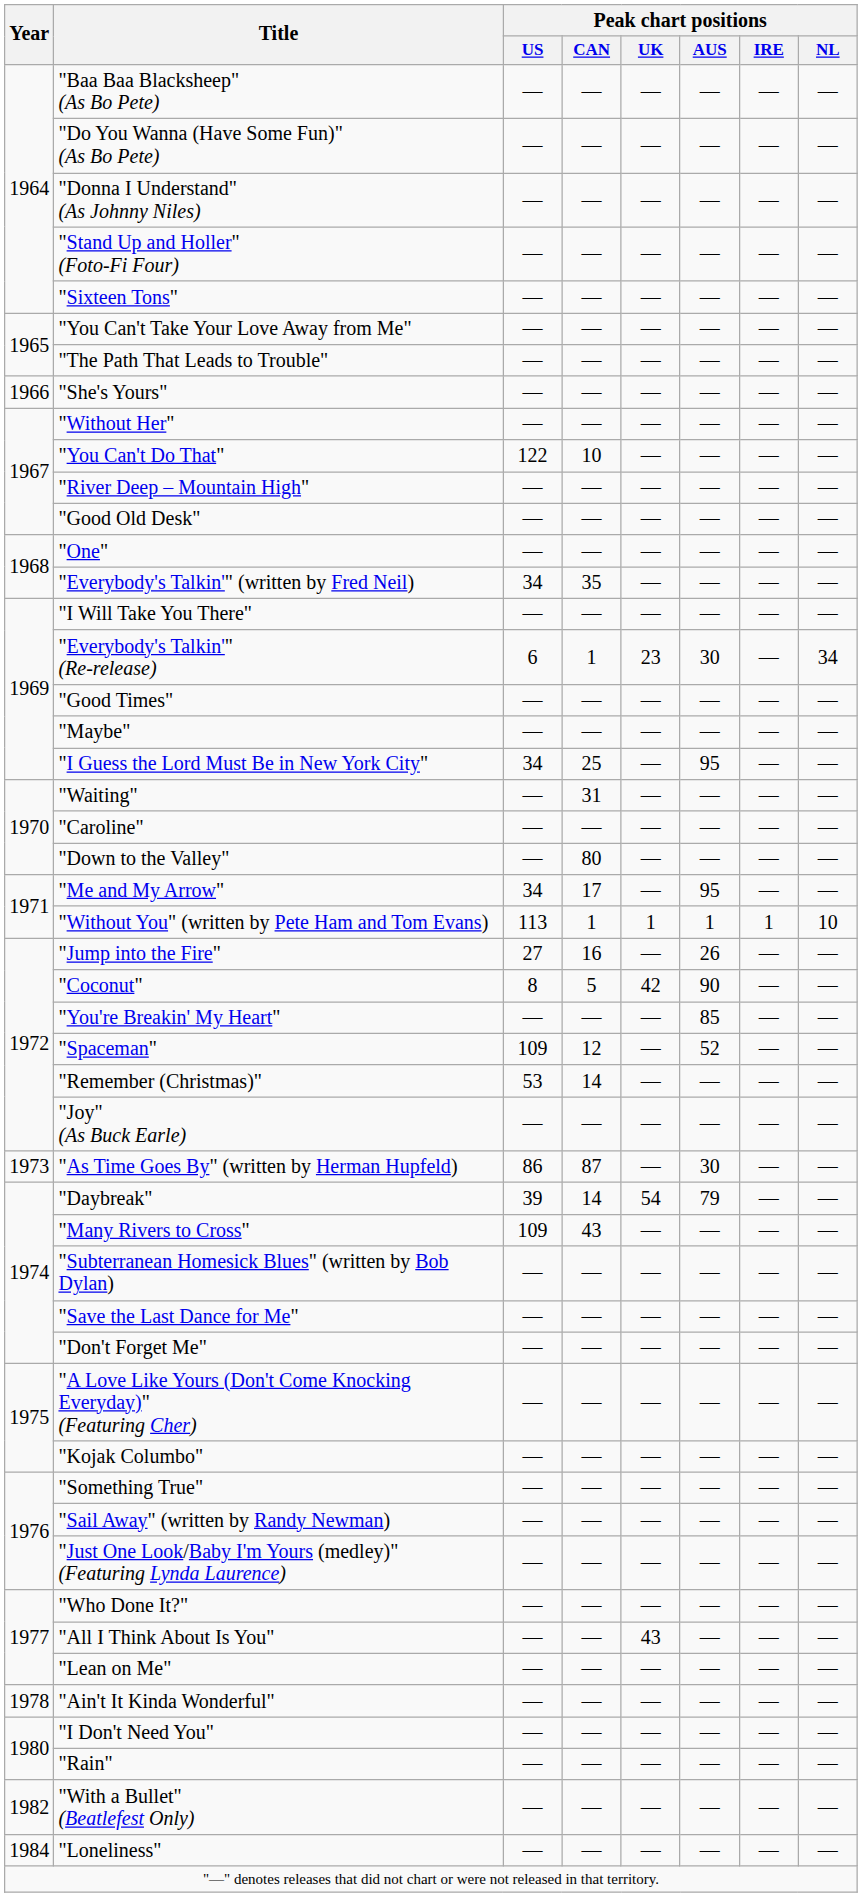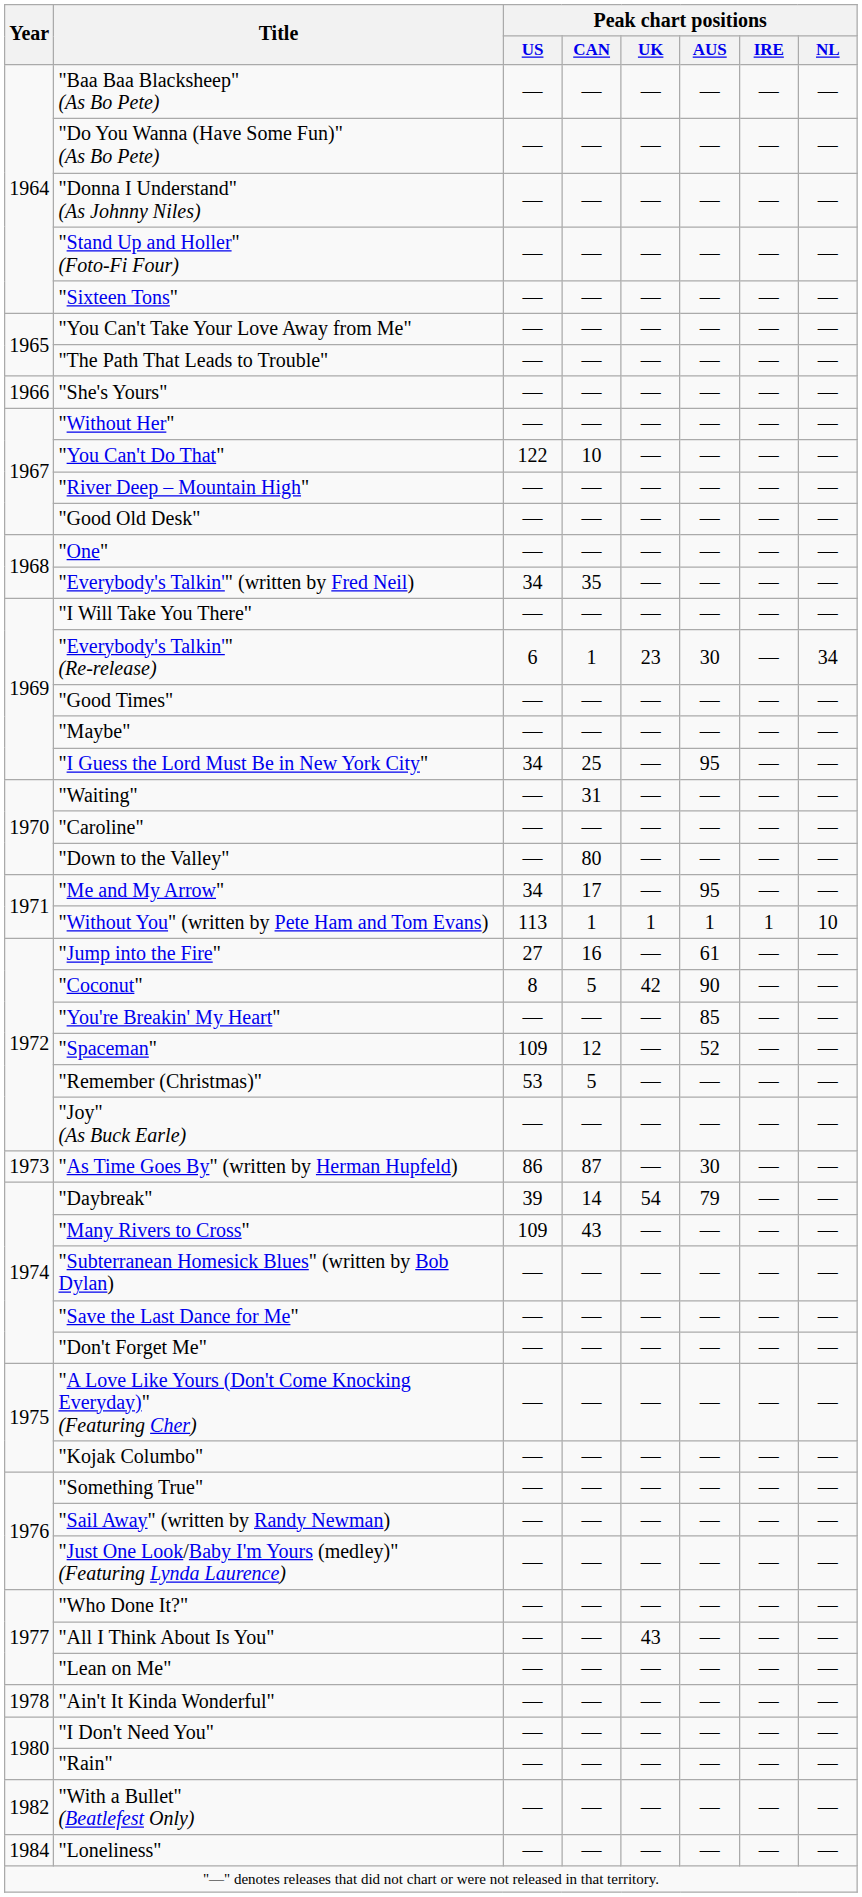 <table class="wikitable" style="background; text-align:center">
 <tr>
 <th rowspan="2" style="background:">Year</th>
 <th rowspan="2" style="background: ; width: 22em">Title</th>
 <th colspan="6" style="background:">Peak chart positions</th>
 </tr>
 <tr>
 <th style="width:3em;font-size:85%"><a href='#'>US</a><br></th>
 <th style="width:3em;font-size:85%"><a href='#'>CAN</a><br></th>
 <th style="width:3em;font-size:85%"><a href='#'>UK</a><br></th>
 <th style="width:3em;font-size:85%"><a href='#'>AUS</a><br></th>
 <th style="width:3em;font-size:85%"><a href='#'>IRE</a><br></th>
 <th style="width:3em;font-size:85%"><a href='#'>NL</a><br></th>
 </tr>
 <tr>
 <td rowspan=5 style="background:">1964</td>
 <td style="background; text-align: left">"Baa Baa Blacksheep"<br><em>(As Bo Pete)</em></td>
 <td>—</td>
 <td>—</td>
 <td>—</td>
 <td>—</td>
 <td>—</td>
 <td>—</td>
 </tr>
 <tr>
 <td style="background; text-align: left">"Do You Wanna (Have Some Fun)"<br><em>(As Bo Pete)</em></td>
 <td>—</td>
 <td>—</td>
 <td>—</td>
 <td>—</td>
 <td>—</td>
 <td>—</td>
 </tr>
 <tr>
 <td style="background; text-align: left">"Donna I Understand"<br><em>(As Johnny Niles)</em></td>
 <td>—</td>
 <td>—</td>
 <td>—</td>
 <td>—</td>
 <td>—</td>
 <td>—</td>
 </tr>
 <tr>
 <td style="background: ; text-align: left">"<a href='#'>Stand Up and Holler</a>"<br><em>(Foto-Fi Four)</em></td>
 <td>—</td>
 <td>—</td>
 <td>—</td>
 <td>—</td>
 <td>—</td>
 <td>—</td>
 </tr>
 <tr>
 <td style="background: ; text-align: left">"<a href='#'>Sixteen Tons</a>"</td>
 <td>—</td>
 <td>—</td>
 <td>—</td>
 <td>—</td>
 <td>—</td>
 <td>—</td>
 </tr>
 <tr>
 <td rowspan=2 style="background:">1965</td>
 <td style="background: ; text-align: left">"You Can't Take Your Love Away from Me"</td>
 <td>—</td>
 <td>—</td>
 <td>—</td>
 <td>—</td>
 <td>—</td>
 <td>—</td>
 </tr>
 <tr>
 <td style="background: ; text-align: left">"The Path That Leads to Trouble"</td>
 <td>—</td>
 <td>—</td>
 <td>—</td>
 <td>—</td>
 <td>—</td>
 <td>—</td>
 </tr>
 <tr>
 <td style="background:">1966</td>
 <td style="background: ; text-align: left">"She's Yours"</td>
 <td>—</td>
 <td>—</td>
 <td>—</td>
 <td>—</td>
 <td>—</td>
 <td>—</td>
 </tr>
 <tr>
 <td rowspan=4 style="background:">1967</td>
 <td style="background: ; text-align: left">"<a href='#'>Without Her</a>"</td>
 <td>—</td>
 <td>—</td>
 <td>—</td>
 <td>—</td>
 <td>—</td>
 <td>—</td>
 </tr>
 <tr>
 <td style="background: ; text-align: left">"<a href='#'>You Can't Do That</a>"</td>
 <td>122</td>
 <td>10</td>
 <td>—</td>
 <td>—</td>
 <td>—</td>
 <td>—</td>
 </tr>
 <tr>
 <td style="background: ; text-align: left">"<a href='#'>River Deep – Mountain High</a>"</td>
 <td>—</td>
 <td>—</td>
 <td>—</td>
 <td>—</td>
 <td>—</td>
 <td>—</td>
 </tr>
 <tr>
 <td style="background: ; text-align: left">"Good Old Desk"</td>
 <td>—</td>
 <td>—</td>
 <td>—</td>
 <td>—</td>
 <td>—</td>
 <td>—</td>
 </tr>
 <tr>
 <td rowspan=2 style="background:">1968</td>
 <td style="background: ; text-align: left">"<a href='#'>One</a>"</td>
 <td>—</td>
 <td>—</td>
 <td>—</td>
 <td>—</td>
 <td>—</td>
 <td>—</td>
 </tr>
 <tr>
 <td style="background: ; text-align: left">"<a href='#'>Everybody's Talkin'</a>" (written by <a href='#'>Fred Neil</a>)</td>
 <td>34</td>
 <td>35</td>
 <td>—</td>
 <td>—</td>
 <td>—</td>
 <td>—</td>
 </tr>
 <tr>
 <td rowspan=5 style="background:">1969</td>
 <td style="background: ; text-align: left">"I Will Take You There"</td>
 <td>—</td>
 <td>—</td>
 <td>—</td>
 <td>—</td>
 <td>—</td>
 <td>—</td>
 </tr>
 <tr>
 <td style="background: ; text-align: left">"<a href='#'>Everybody's Talkin'</a>"<br><em>(Re-release)</em></td>
 <td>6</td>
 <td>1</td>
 <td>23</td>
 <td>30</td>
 <td>—</td>
 <td>34</td>
 </tr>
 <tr>
 <td style="background: ; text-align: left">"Good Times"</td>
 <td>—</td>
 <td>—</td>
 <td>—</td>
 <td>—</td>
 <td>—</td>
 <td>—</td>
 </tr>
 <tr>
 <td style="background: ; text-align: left">"Maybe"</td>
 <td>—</td>
 <td>—</td>
 <td>—</td>
 <td>—</td>
 <td>—</td>
 <td>—</td>
 </tr>
 <tr>
 <td style="background: ; text-align: left">"<a href='#'>I Guess the Lord Must Be in New York City</a>"</td>
 <td>34</td>
 <td>25</td>
 <td>—</td>
 <td>95</td>
 <td>—</td>
 <td>—</td>
 </tr>
 <tr>
 <td rowspan=3 style="background:">1970</td>
 <td style="background: ; text-align: left">"Waiting"</td>
 <td>—</td>
 <td>31</td>
 <td>—</td>
 <td>—</td>
 <td>—</td>
 <td>—</td>
 </tr>
 <tr>
 <td style="background: ; text-align: left">"Caroline"</td>
 <td>—</td>
 <td>—</td>
 <td>—</td>
 <td>—</td>
 <td>—</td>
 <td>—</td>
 </tr>
 <tr>
 <td style="background: ; text-align: left">"Down to the Valley"</td>
 <td>—</td>
 <td>80</td>
 <td>—</td>
 <td>—</td>
 <td>—</td>
 <td>—</td>
 </tr>
 <tr>
 <td rowspan=2 style="background:">1971</td>
 <td style="background: ; text-align: left">"<a href='#'>Me and My Arrow</a>"</td>
 <td>34</td>
 <td>17</td>
 <td>—</td>
 <td>95</td>
 <td>—</td>
 <td>—</td>
 </tr>
 <tr>
 <td style="background: ; text-align: left">"<a href='#'>Without You</a>" (written by <a href='#'>Pete Ham and Tom Evans</a>)</td>
 <td>113</td>
 <td>1</td>
 <td>1</td>
 <td>1</td>
 <td>1</td>
 <td>10</td>
 </tr>
 <tr>
 <td rowspan=6 style="background:">1972</td>
 <td style="background: ; text-align: left">"<a href='#'>Jump into the Fire</a>"</td>
 <td>27</td>
 <td>16</td>
 <td>—</td>
-<td>26</td>
+<td>61</td>
 <td>—</td>
 <td>—</td>
 </tr>
 <tr>
 <td style="background: ; text-align: left">"<a href='#'>Coconut</a>"</td>
 <td>8</td>
 <td>5</td>
 <td>42</td>
 <td>90</td>
 <td>—</td>
 <td>—</td>
 </tr>
 <tr>
 <td style="background: ; text-align: left">"<a href='#'>You're Breakin' My Heart</a>"</td>
 <td>—</td>
 <td>—</td>
 <td>—</td>
 <td>85</td>
 <td>—</td>
 <td>—</td>
 </tr>
 <tr>
 <td style="background: ; text-align: left">"<a href='#'>Spaceman</a>"</td>
 <td>109</td>
 <td>12</td>
 <td>—</td>
 <td>52</td>
 <td>—</td>
 <td>—</td>
 </tr>
 <tr>
 <td style="background: ; text-align: left">"Remember (Christmas)"</td>
 <td>53</td>
-<td>14</td>
+<td>5</td>
 <td>—</td>
 <td>—</td>
 <td>—</td>
 <td>—</td>
 </tr>
 <tr>
 <td style="background: ; text-align: left">"Joy"<br><em>(As Buck Earle)</em></td>
 <td>—</td>
 <td>—</td>
 <td>—</td>
 <td>—</td>
 <td>—</td>
 <td>—</td>
 </tr>
 <tr>
 <td style="background:">1973</td>
 <td style="background: ; text-align: left">"<a href='#'>As Time Goes By</a>" (written by <a href='#'>Herman Hupfeld</a>)</td>
 <td>86</td>
 <td>87</td>
 <td>—</td>
 <td>30</td>
 <td>—</td>
 <td>—</td>
 </tr>
 <tr>
 <td rowspan=5 style="background:">1974</td>
 <td style="background: ; text-align: left">"Daybreak"</td>
 <td>39</td>
 <td>14</td>
 <td>54</td>
 <td>79</td>
 <td>—</td>
 <td>—</td>
 </tr>
 <tr>
 <td style="background: ; text-align: left">"<a href='#'>Many Rivers to Cross</a>"</td>
 <td>109</td>
 <td>43</td>
 <td>—</td>
 <td>—</td>
 <td>—</td>
 <td>—</td>
 </tr>
 <tr>
 <td style="background: ; text-align: left">"<a href='#'>Subterranean Homesick Blues</a>" (written by <a href='#'>Bob Dylan</a>)</td>
 <td>—</td>
 <td>—</td>
 <td>—</td>
 <td>—</td>
 <td>—</td>
 <td>—</td>
 </tr>
 <tr>
 <td style="background: ; text-align: left">"<a href='#'>Save the Last Dance for Me</a>"</td>
 <td>—</td>
 <td>—</td>
 <td>—</td>
 <td>—</td>
 <td>—</td>
 <td>—</td>
 </tr>
 <tr>
 <td style="background: ; text-align: left">"Don't Forget Me"</td>
 <td>—</td>
 <td>—</td>
 <td>—</td>
 <td>—</td>
 <td>—</td>
 <td>—</td>
 </tr>
 <tr>
 <td rowspan=2 style="background:">1975</td>
 <td style="background: ; text-align: left">"<a href='#'>A Love Like Yours (Don't Come Knocking Everyday)</a>"<br><em>(Featuring <a href='#'>Cher</a>)</em></td>
 <td>—</td>
 <td>—</td>
 <td>—</td>
 <td>—</td>
 <td>—</td>
 <td>—</td>
 </tr>
 <tr>
 <td style="background: ; text-align: left">"Kojak Columbo"</td>
 <td>—</td>
 <td>—</td>
 <td>—</td>
 <td>—</td>
 <td>—</td>
 <td>—</td>
 </tr>
 <tr>
 <td rowspan=3 style="background:">1976</td>
 <td style="background: ; text-align: left">"Something True"</td>
 <td>—</td>
 <td>—</td>
 <td>—</td>
 <td>—</td>
 <td>—</td>
 <td>—</td>
 </tr>
 <tr>
 <td style="background: ; text-align: left">"<a href='#'>Sail Away</a>" (written by <a href='#'>Randy Newman</a>)</td>
 <td>—</td>
 <td>—</td>
 <td>—</td>
 <td>—</td>
 <td>—</td>
 <td>—</td>
 </tr>
 <tr>
 <td style="background: ; text-align: left">"<a href='#'>Just One Look</a>/<a href='#'>Baby I'm Yours</a> (medley)"<br><em>(Featuring <a href='#'>Lynda Laurence</a>)</em></td>
 <td>—</td>
 <td>—</td>
 <td>—</td>
 <td>—</td>
 <td>—</td>
 <td>—</td>
 </tr>
 <tr>
 <td rowspan=3 style="background:">1977</td>
 <td style="background: ; text-align: left">"Who Done It?"</td>
 <td>—</td>
 <td>—</td>
 <td>—</td>
 <td>—</td>
 <td>—</td>
 <td>—</td>
 </tr>
 <tr>
 <td style="background: ; text-align: left">"All I Think About Is You"</td>
 <td>—</td>
 <td>—</td>
 <td>43</td>
 <td>—</td>
 <td>—</td>
 <td>—</td>
 </tr>
 <tr>
 <td style="background: ; text-align: left">"Lean on Me"</td>
 <td>—</td>
 <td>—</td>
 <td>—</td>
 <td>—</td>
 <td>—</td>
 <td>—</td>
 </tr>
 <tr>
 <td style="background:">1978</td>
 <td style="background: ; text-align: left">"Ain't It Kinda Wonderful"</td>
 <td>—</td>
 <td>—</td>
 <td>—</td>
 <td>—</td>
 <td>—</td>
 <td>—</td>
 </tr>
 <tr>
 <td rowspan=2 style="background:">1980</td>
 <td style="background: ; text-align: left">"I Don't Need You"</td>
 <td>—</td>
 <td>—</td>
 <td>—</td>
 <td>—</td>
 <td>—</td>
 <td>—</td>
 </tr>
 <tr>
 <td style="background: ; text-align: left">"Rain"</td>
 <td>—</td>
 <td>—</td>
 <td>—</td>
 <td>—</td>
 <td>—</td>
 <td>—</td>
 </tr>
 <tr>
 <td style="background:">1982</td>
 <td style="background: ; text-align: left">"With a Bullet"<br><em>(<a href='#'>Beatlefest</a> Only)</em></td>
 <td>—</td>
 <td>—</td>
 <td>—</td>
 <td>—</td>
 <td>—</td>
 <td>—</td>
 </tr>
 <tr>
 <td style="background:">1984</td>
 <td style="background: ; text-align: left">"Loneliness"</td>
 <td>—</td>
 <td>—</td>
 <td>—</td>
 <td>—</td>
 <td>—</td>
 <td>—</td>
 </tr>
 <tr>
 <td colspan="8" style="text-align:center; font-size:9pt;">"—" denotes releases that did not chart or were not released in that territory.</td>
 </tr>
 </table>
